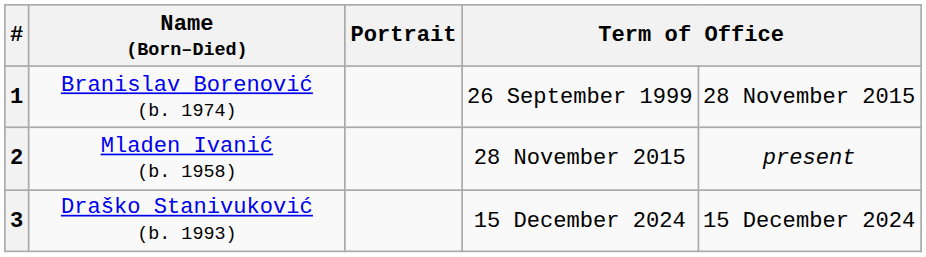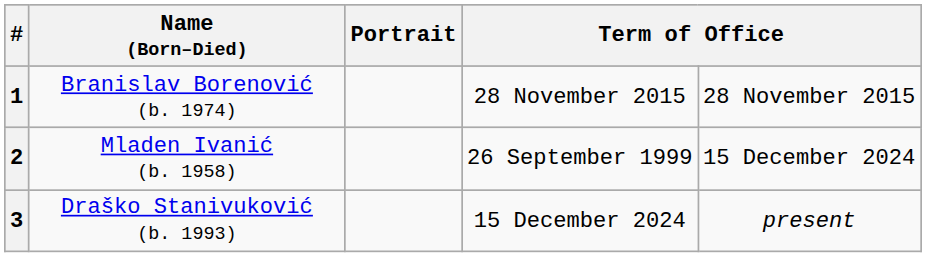 <table class="wikitable" style="text-align:center">
 <tr ->
 <th>#</th>
 <th width=180>Name<br><small>(Born–Died)</small></th>
 <th>Portrait</th>
 <th colspan=2>Term of Office</th>
 </tr>
 <tr ->
 <th align=center style="background: ">1</th>
 <td><a href='#'>Branislav Borenović</a><br><small>(b. 1974)</small></td>
 <td></td>
-<td>26 September 1999</td>
+<td>28 November 2015</td>
 <td>28 November 2015</td>
 </tr>
 <tr ->
 <th align=center style="background: ">2</th>
 <td><a href='#'>Mladen Ivanić</a><br><small>(b. 1958)</small></td>
 <td></td>
-<td>28 November 2015</td>
-<td><em>present</em></td>
+<td>26 September 1999</td>
+<td>15 December 2024</td>
 </tr>
 <tr ->
 <th align=center style="background: ">3</th>
 <td><a href='#'>Draško Stanivuković</a><br><small>(b. 1993)</small></td>
 <td></td>
 <td>15 December 2024</td>
-<td>15 December 2024</td>
+<td><em>present</em></td>
 </tr>
 </table>
